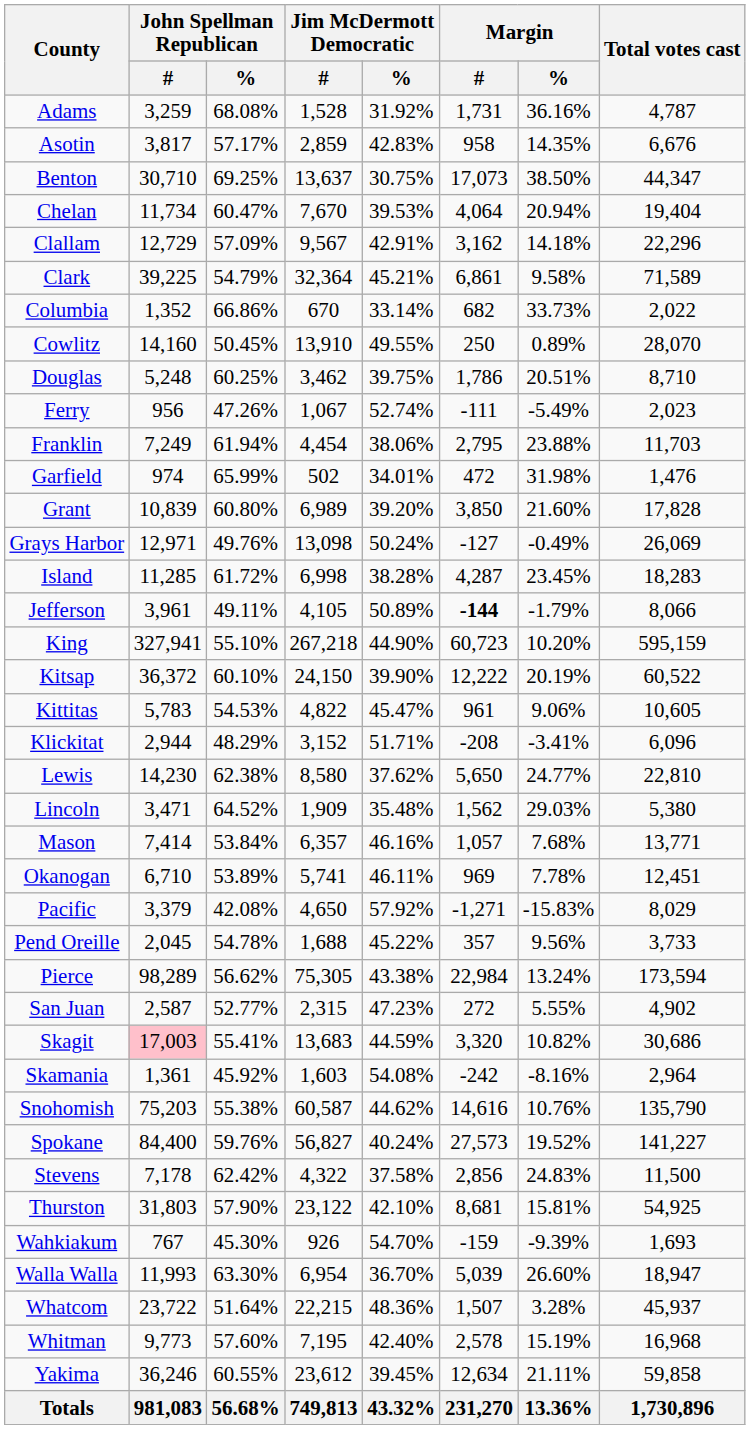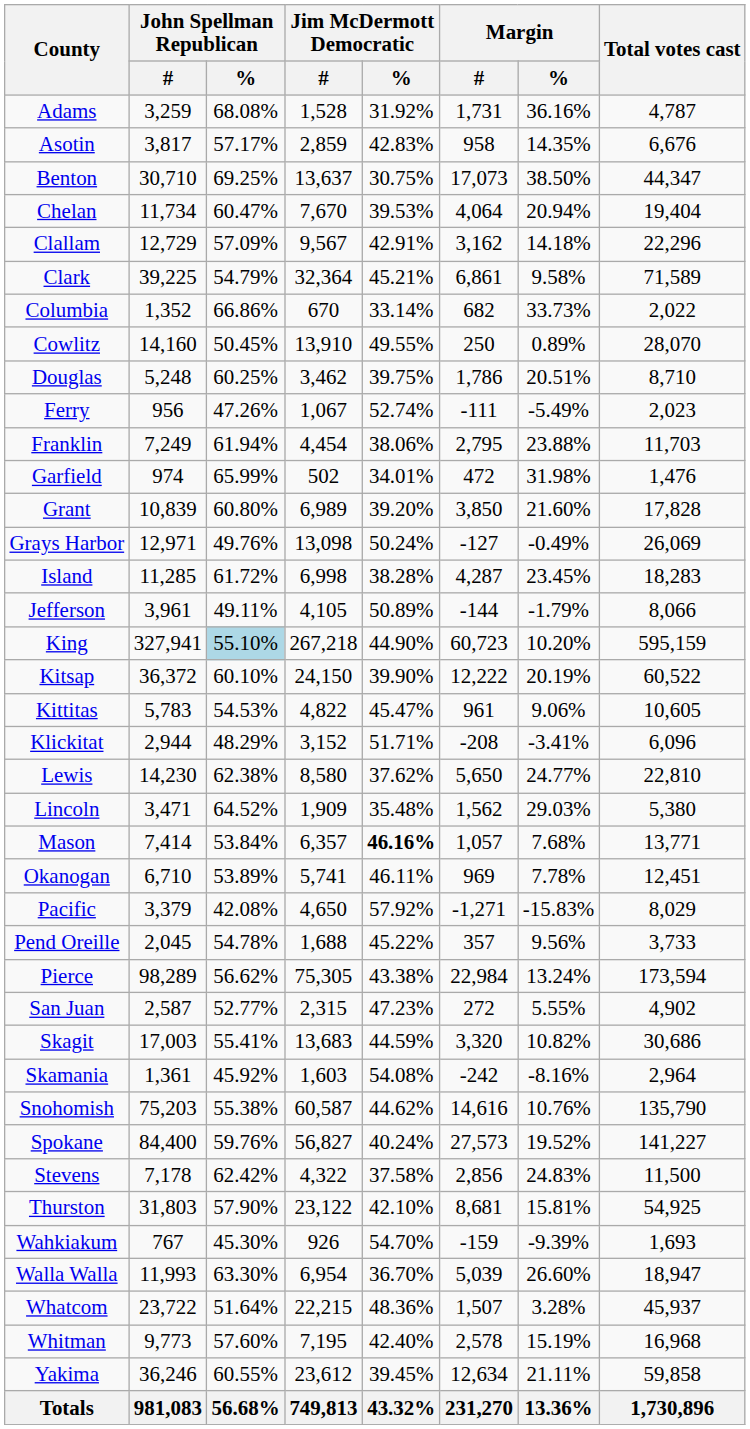 <table class="wikitable sortable">
 <tr>
 <th style="text-align:center;" rowspan="2">County</th>
 <th style="text-align:center;" colspan="2">John Spellman<br>Republican</th>
 <th style="text-align:center;" colspan="2">Jim McDermott<br>Democratic</th>
 <th style="text-align:center;" colspan="2">Margin</th>
 <th style="text-align:center;" rowspan="2">Total votes cast</th>
 </tr>
 <tr bgcolor="lightgrey">
 <th style="text-align:center;" data-sort-type="number">#</th>
 <th style="text-align:center;" data-sort-type="number">%</th>
 <th style="text-align:center;" data-sort-type="number">#</th>
 <th style="text-align:center;" data-sort-type="number">%</th>
 <th style="text-align:center;" data-sort-type="number">#</th>
 <th style="text-align:center;" data-sort-type="number">%</th>
 </tr>
 <tr style="text-align:center;">
 <td><a href='#'>Adams</a></td>
 <td>3,259</td>
 <td>68.08%</td>
 <td>1,528</td>
 <td>31.92%</td>
 <td>1,731</td>
 <td>36.16%</td>
 <td>4,787</td>
 </tr>
 <tr style="text-align:center;">
 <td><a href='#'>Asotin</a></td>
 <td>3,817</td>
 <td>57.17%</td>
 <td>2,859</td>
 <td>42.83%</td>
 <td>958</td>
 <td>14.35%</td>
 <td>6,676</td>
 </tr>
 <tr style="text-align:center;">
 <td><a href='#'>Benton</a></td>
 <td>30,710</td>
 <td>69.25%</td>
 <td>13,637</td>
 <td>30.75%</td>
 <td>17,073</td>
 <td>38.50%</td>
 <td>44,347</td>
 </tr>
 <tr style="text-align:center;">
 <td><a href='#'>Chelan</a></td>
 <td>11,734</td>
 <td>60.47%</td>
 <td>7,670</td>
 <td>39.53%</td>
 <td>4,064</td>
 <td>20.94%</td>
 <td>19,404</td>
 </tr>
 <tr style="text-align:center;">
 <td><a href='#'>Clallam</a></td>
 <td>12,729</td>
 <td>57.09%</td>
 <td>9,567</td>
 <td>42.91%</td>
 <td>3,162</td>
 <td>14.18%</td>
 <td>22,296</td>
 </tr>
 <tr style="text-align:center;">
 <td><a href='#'>Clark</a></td>
 <td>39,225</td>
 <td>54.79%</td>
 <td>32,364</td>
 <td>45.21%</td>
 <td>6,861</td>
 <td>9.58%</td>
 <td>71,589</td>
 </tr>
 <tr style="text-align:center;">
 <td><a href='#'>Columbia</a></td>
 <td>1,352</td>
 <td>66.86%</td>
 <td>670</td>
 <td>33.14%</td>
 <td>682</td>
 <td>33.73%</td>
 <td>2,022</td>
 </tr>
 <tr style="text-align:center;">
 <td><a href='#'>Cowlitz</a></td>
 <td>14,160</td>
 <td>50.45%</td>
 <td>13,910</td>
 <td>49.55%</td>
 <td>250</td>
 <td>0.89%</td>
 <td>28,070</td>
 </tr>
 <tr style="text-align:center;">
 <td><a href='#'>Douglas</a></td>
 <td>5,248</td>
 <td>60.25%</td>
 <td>3,462</td>
 <td>39.75%</td>
 <td>1,786</td>
 <td>20.51%</td>
 <td>8,710</td>
 </tr>
 <tr style="text-align:center;">
 <td><a href='#'>Ferry</a></td>
 <td>956</td>
 <td>47.26%</td>
 <td>1,067</td>
 <td>52.74%</td>
 <td>-111</td>
 <td>-5.49%</td>
 <td>2,023</td>
 </tr>
 <tr style="text-align:center;">
 <td><a href='#'>Franklin</a></td>
 <td>7,249</td>
 <td>61.94%</td>
 <td>4,454</td>
 <td>38.06%</td>
 <td>2,795</td>
 <td>23.88%</td>
 <td>11,703</td>
 </tr>
 <tr style="text-align:center;">
 <td><a href='#'>Garfield</a></td>
 <td>974</td>
 <td>65.99%</td>
 <td>502</td>
 <td>34.01%</td>
 <td>472</td>
 <td>31.98%</td>
 <td>1,476</td>
 </tr>
 <tr style="text-align:center;">
 <td><a href='#'>Grant</a></td>
 <td>10,839</td>
 <td>60.80%</td>
 <td>6,989</td>
 <td>39.20%</td>
 <td>3,850</td>
 <td>21.60%</td>
 <td>17,828</td>
 </tr>
 <tr style="text-align:center;">
 <td><a href='#'>Grays Harbor</a></td>
 <td>12,971</td>
 <td>49.76%</td>
 <td>13,098</td>
 <td>50.24%</td>
 <td>-127</td>
 <td>-0.49%</td>
 <td>26,069</td>
 </tr>
 <tr style="text-align:center;">
 <td><a href='#'>Island</a></td>
 <td>11,285</td>
 <td>61.72%</td>
 <td>6,998</td>
 <td>38.28%</td>
 <td>4,287</td>
 <td>23.45%</td>
 <td>18,283</td>
 </tr>
 <tr style="text-align:center;">
 <td><a href='#'>Jefferson</a></td>
 <td>3,961</td>
 <td>49.11%</td>
 <td>4,105</td>
 <td>50.89%</td>
-<td><strong>-144</strong></td>
+<td>-144</td>
 <td>-1.79%</td>
 <td>8,066</td>
 </tr>
 <tr style="text-align:center;">
 <td><a href='#'>King</a></td>
 <td>327,941</td>
-<td>55.10%</td>
+<td style="background: lightblue;">55.10%</td>
 <td>267,218</td>
 <td>44.90%</td>
 <td>60,723</td>
 <td>10.20%</td>
 <td>595,159</td>
 </tr>
 <tr style="text-align:center;">
 <td><a href='#'>Kitsap</a></td>
 <td>36,372</td>
 <td>60.10%</td>
 <td>24,150</td>
 <td>39.90%</td>
 <td>12,222</td>
 <td>20.19%</td>
 <td>60,522</td>
 </tr>
 <tr style="text-align:center;">
 <td><a href='#'>Kittitas</a></td>
 <td>5,783</td>
 <td>54.53%</td>
 <td>4,822</td>
 <td>45.47%</td>
 <td>961</td>
 <td>9.06%</td>
 <td>10,605</td>
 </tr>
 <tr style="text-align:center;">
 <td><a href='#'>Klickitat</a></td>
 <td>2,944</td>
 <td>48.29%</td>
 <td>3,152</td>
 <td>51.71%</td>
 <td>-208</td>
 <td>-3.41%</td>
 <td>6,096</td>
 </tr>
 <tr style="text-align:center;">
 <td><a href='#'>Lewis</a></td>
 <td>14,230</td>
 <td>62.38%</td>
 <td>8,580</td>
 <td>37.62%</td>
 <td>5,650</td>
 <td>24.77%</td>
 <td>22,810</td>
 </tr>
 <tr style="text-align:center;">
 <td><a href='#'>Lincoln</a></td>
 <td>3,471</td>
 <td>64.52%</td>
 <td>1,909</td>
 <td>35.48%</td>
 <td>1,562</td>
 <td>29.03%</td>
 <td>5,380</td>
 </tr>
 <tr style="text-align:center;">
 <td><a href='#'>Mason</a></td>
 <td>7,414</td>
 <td>53.84%</td>
 <td>6,357</td>
-<td>46.16%</td>
+<td><strong>46.16%</strong></td>
 <td>1,057</td>
 <td>7.68%</td>
 <td>13,771</td>
 </tr>
 <tr style="text-align:center;">
 <td><a href='#'>Okanogan</a></td>
 <td>6,710</td>
 <td>53.89%</td>
 <td>5,741</td>
 <td>46.11%</td>
 <td>969</td>
 <td>7.78%</td>
 <td>12,451</td>
 </tr>
 <tr style="text-align:center;">
 <td><a href='#'>Pacific</a></td>
 <td>3,379</td>
 <td>42.08%</td>
 <td>4,650</td>
 <td>57.92%</td>
 <td>-1,271</td>
 <td>-15.83%</td>
 <td>8,029</td>
 </tr>
 <tr style="text-align:center;">
 <td><a href='#'>Pend Oreille</a></td>
 <td>2,045</td>
 <td>54.78%</td>
 <td>1,688</td>
 <td>45.22%</td>
 <td>357</td>
 <td>9.56%</td>
 <td>3,733</td>
 </tr>
 <tr style="text-align:center;">
 <td><a href='#'>Pierce</a></td>
 <td>98,289</td>
 <td>56.62%</td>
 <td>75,305</td>
 <td>43.38%</td>
 <td>22,984</td>
 <td>13.24%</td>
 <td>173,594</td>
 </tr>
 <tr style="text-align:center;">
 <td><a href='#'>San Juan</a></td>
 <td>2,587</td>
 <td>52.77%</td>
 <td>2,315</td>
 <td>47.23%</td>
 <td>272</td>
 <td>5.55%</td>
 <td>4,902</td>
 </tr>
 <tr style="text-align:center;">
 <td><a href='#'>Skagit</a></td>
-<td style="background: pink;">17,003</td>
+<td>17,003</td>
 <td>55.41%</td>
 <td>13,683</td>
 <td>44.59%</td>
 <td>3,320</td>
 <td>10.82%</td>
 <td>30,686</td>
 </tr>
 <tr style="text-align:center;">
 <td><a href='#'>Skamania</a></td>
 <td>1,361</td>
 <td>45.92%</td>
 <td>1,603</td>
 <td>54.08%</td>
 <td>-242</td>
 <td>-8.16%</td>
 <td>2,964</td>
 </tr>
 <tr style="text-align:center;">
 <td><a href='#'>Snohomish</a></td>
 <td>75,203</td>
 <td>55.38%</td>
 <td>60,587</td>
 <td>44.62%</td>
 <td>14,616</td>
 <td>10.76%</td>
 <td>135,790</td>
 </tr>
 <tr style="text-align:center;">
 <td><a href='#'>Spokane</a></td>
 <td>84,400</td>
 <td>59.76%</td>
 <td>56,827</td>
 <td>40.24%</td>
 <td>27,573</td>
 <td>19.52%</td>
 <td>141,227</td>
 </tr>
 <tr style="text-align:center;">
 <td><a href='#'>Stevens</a></td>
 <td>7,178</td>
 <td>62.42%</td>
 <td>4,322</td>
 <td>37.58%</td>
 <td>2,856</td>
 <td>24.83%</td>
 <td>11,500</td>
 </tr>
 <tr style="text-align:center;">
 <td><a href='#'>Thurston</a></td>
 <td>31,803</td>
 <td>57.90%</td>
 <td>23,122</td>
 <td>42.10%</td>
 <td>8,681</td>
 <td>15.81%</td>
 <td>54,925</td>
 </tr>
 <tr style="text-align:center;">
 <td><a href='#'>Wahkiakum</a></td>
 <td>767</td>
 <td>45.30%</td>
 <td>926</td>
 <td>54.70%</td>
 <td>-159</td>
 <td>-9.39%</td>
 <td>1,693</td>
 </tr>
 <tr style="text-align:center;">
 <td><a href='#'>Walla Walla</a></td>
 <td>11,993</td>
 <td>63.30%</td>
 <td>6,954</td>
 <td>36.70%</td>
 <td>5,039</td>
 <td>26.60%</td>
 <td>18,947</td>
 </tr>
 <tr style="text-align:center;">
 <td><a href='#'>Whatcom</a></td>
 <td>23,722</td>
 <td>51.64%</td>
 <td>22,215</td>
 <td>48.36%</td>
 <td>1,507</td>
 <td>3.28%</td>
 <td>45,937</td>
 </tr>
 <tr style="text-align:center;">
 <td><a href='#'>Whitman</a></td>
 <td>9,773</td>
 <td>57.60%</td>
 <td>7,195</td>
 <td>42.40%</td>
 <td>2,578</td>
 <td>15.19%</td>
 <td>16,968</td>
 </tr>
 <tr style="text-align:center;">
 <td><a href='#'>Yakima</a></td>
 <td>36,246</td>
 <td>60.55%</td>
 <td>23,612</td>
 <td>39.45%</td>
 <td>12,634</td>
 <td>21.11%</td>
 <td>59,858</td>
 </tr>
 <tr>
 <th>Totals</th>
 <th>981,083</th>
 <th>56.68%</th>
 <th>749,813</th>
 <th>43.32%</th>
 <th>231,270</th>
 <th>13.36%</th>
 <th>1,730,896</th>
 </tr>
 </table>
